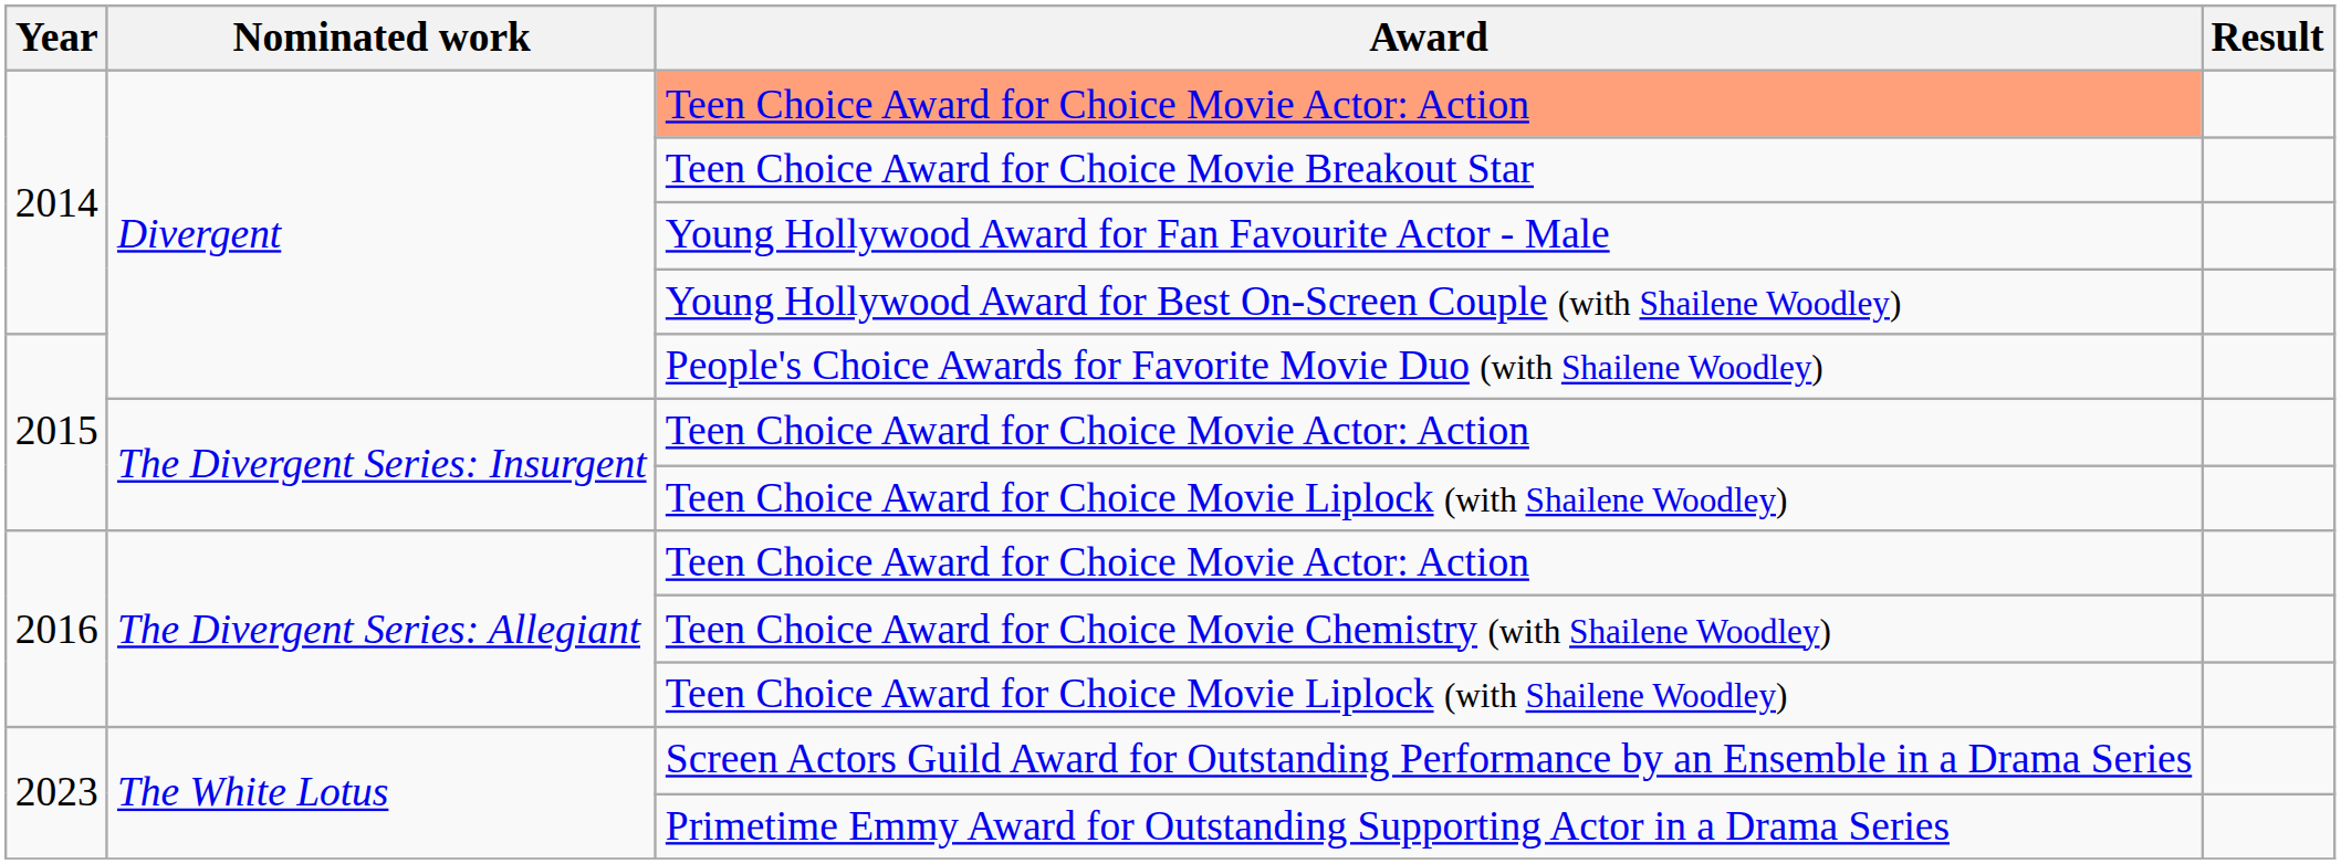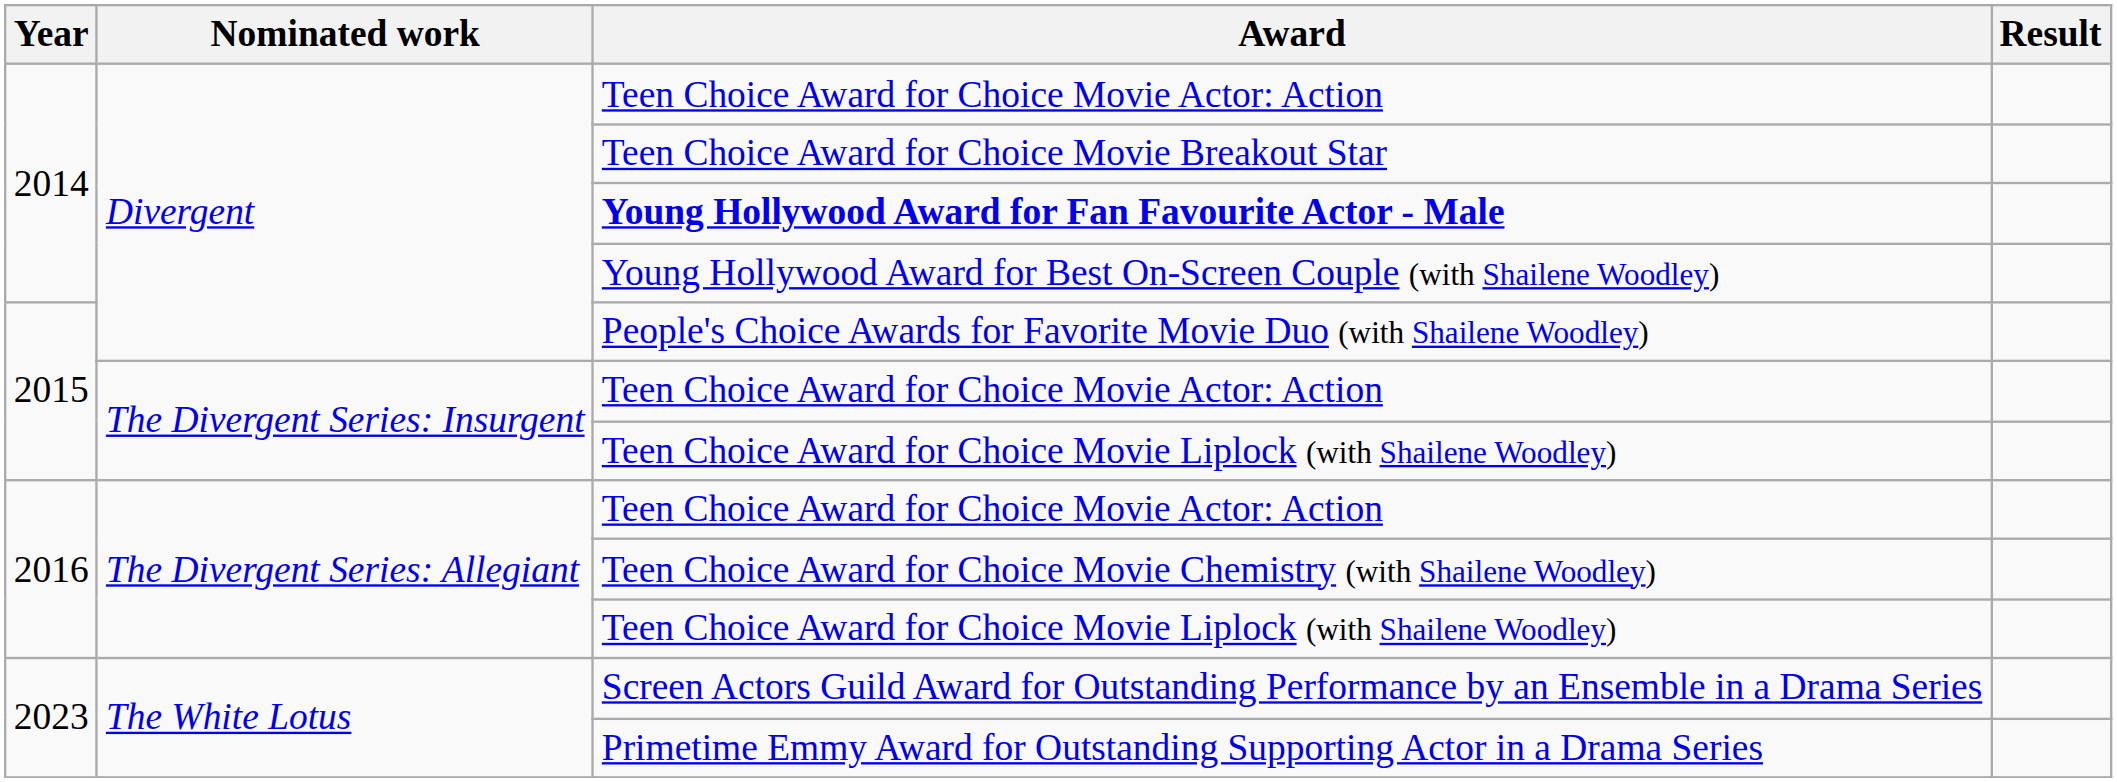 <table class="wikitable">
 <tr>
 <th>Year</th>
 <th>Nominated work</th>
 <th>Award</th>
 <th>Result</th>
 </tr>
 <tr>
 <td rowspan="4">2014</td>
 <td rowspan="5"><em><a href='#'>Divergent</a></em></td>
-<td style="background: lightsalmon;"><a href='#'>Teen Choice Award for Choice Movie Actor: Action</a></td>
+<td><a href='#'>Teen Choice Award for Choice Movie Actor: Action</a></td>
 <td></td>
 </tr>
 <tr>
 <td><a href='#'>Teen Choice Award for Choice Movie Breakout Star</a></td>
 <td></td>
 </tr>
 <tr>
-<td><a href='#'>Young Hollywood Award for Fan Favourite Actor - Male</a></td>
+<td><strong><a href='#'>Young Hollywood Award for Fan Favourite Actor - Male</a></strong></td>
 <td></td>
 </tr>
 <tr>
 <td><a href='#'>Young Hollywood Award for Best On-Screen Couple</a> <small>(with <a href='#'>Shailene Woodley</a>)</small></td>
 <td></td>
 </tr>
 <tr>
 <td rowspan="3">2015</td>
 <td><a href='#'>People's Choice Awards for Favorite Movie Duo</a> <small>(with <a href='#'>Shailene Woodley</a>)</small></td>
 <td></td>
 </tr>
 <tr>
 <td rowspan="2"><em><a href='#'>The Divergent Series: Insurgent</a></em></td>
 <td><a href='#'>Teen Choice Award for Choice Movie Actor: Action</a></td>
 <td></td>
 </tr>
 <tr>
 <td><a href='#'>Teen Choice Award for Choice Movie Liplock</a> <small>(with <a href='#'>Shailene Woodley</a>)</small></td>
 <td></td>
 </tr>
 <tr>
 <td rowspan="3">2016</td>
 <td rowspan="3"><em><a href='#'>The Divergent Series: Allegiant</a></em></td>
 <td><a href='#'>Teen Choice Award for Choice Movie Actor: Action</a></td>
 <td></td>
 </tr>
 <tr>
 <td><a href='#'>Teen Choice Award for Choice Movie Chemistry</a> <small>(with <a href='#'>Shailene Woodley</a>)</small></td>
 <td></td>
 </tr>
 <tr>
 <td><a href='#'>Teen Choice Award for Choice Movie Liplock</a> <small>(with <a href='#'>Shailene Woodley</a>)</small></td>
 <td></td>
 </tr>
 <tr>
 <td rowspan="2">2023</td>
 <td rowspan="2"><em><a href='#'>The White Lotus</a></em></td>
 <td><a href='#'>Screen Actors Guild Award for Outstanding Performance by an Ensemble in a Drama Series</a></td>
 <td></td>
 </tr>
 <tr>
 <td><a href='#'>Primetime Emmy Award for Outstanding Supporting Actor in a Drama Series</a></td>
 <td></td>
 </tr>
 </table>
